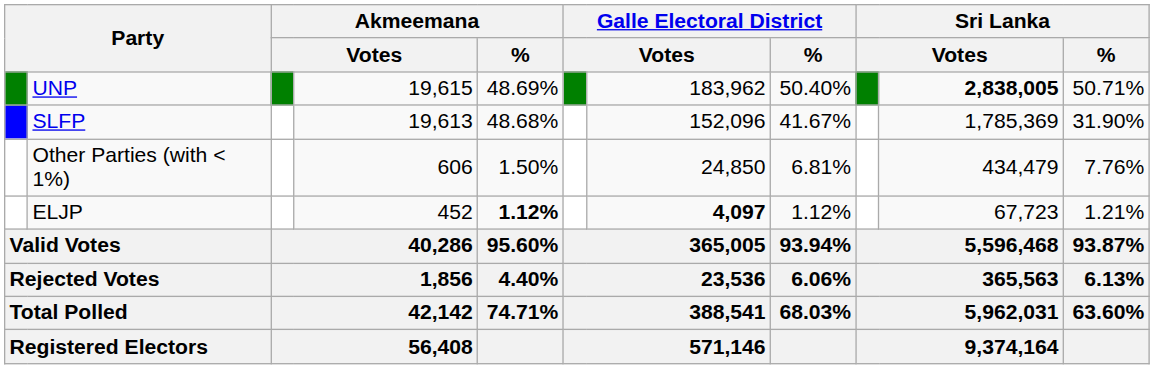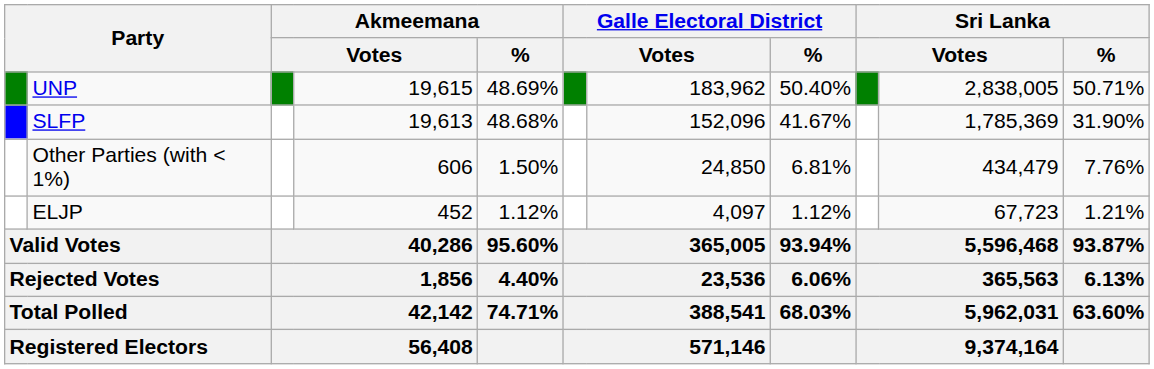 <table class="wikitable">
 <tr>
 <th colspan="2" width="144px"rowspan="2">Party</th>
 <th colspan="3" width="216px">Akmeemana</th>
 <th colspan="3" width="216px"><a href='#'>Galle Electoral District</a></th>
 <th colspan="3" width="216px">Sri Lanka</th>
 </tr>
 <tr>
 <th colspan="2" width="144px">Votes</th>
 <th>%</th>
 <th colspan="2" width="144px">Votes</th>
 <th>%</th>
 <th colspan="2" width="144px">Votes</th>
 <th>%</th>
 </tr>
 <tr>
 <td style="background-color:green;" width="10px"></td>
 <td style="text-align:left;"><a href='#'>UNP</a></td>
 <td style="background-color:green;" width="10px"></td>
 <td style="text-align:right;">19,615</td>
 <td style="text-align:right;">48.69%</td>
 <td style="background-color:green;" width="10px"></td>
 <td style="text-align:right;">183,962</td>
 <td style="text-align:right;">50.40%</td>
 <td style="background-color:green;" width="10px"></td>
-<td style="text-align:right;"><strong>2,838,005</strong></td>
+<td style="text-align:right;">2,838,005</td>
 <td style="text-align:right;">50.71%</td>
 </tr>
 <tr>
 <td style="background-color:blue;" width="10px"></td>
 <td style="text-align:left;"><a href='#'>SLFP</a></td>
 <td style="background-color:white;" width="10px"></td>
 <td style="text-align:right;">19,613</td>
 <td style="text-align:right;">48.68%</td>
 <td style="background-color:white;" width="10px"></td>
 <td style="text-align:right;">152,096</td>
 <td style="text-align:right;">41.67%</td>
 <td style="background-color:white;" width="10px"></td>
 <td style="text-align:right;">1,785,369</td>
 <td style="text-align:right;">31.90%</td>
 </tr>
 <tr>
 <td style="background-color:white;" width="10px"></td>
 <td style="text-align:left;">Other Parties (with < 1%)</td>
 <td style="background-color:white;" width="10px"></td>
 <td style="text-align:right;">606</td>
 <td style="text-align:right;">1.50%</td>
 <td style="background-color:white;" width="10px"></td>
 <td style="text-align:right;">24,850</td>
 <td style="text-align:right;">6.81%</td>
 <td style="background-color:white;" width="10px"></td>
 <td style="text-align:right;">434,479</td>
 <td style="text-align:right;">7.76%</td>
 </tr>
 <tr>
 <td style="background-color:white;" width="10px"></td>
 <td style="text-align:left;">ELJP</td>
 <td style="background-color:white;" width="10px"></td>
 <td style="text-align:right;">452</td>
-<td style="text-align:right;"><strong>1.12%</strong></td>
+<td style="text-align:right;">1.12%</td>
 <td style="background-color:white;" width="10px"></td>
-<td style="text-align:right;"><strong>4,097</strong></td>
+<td style="text-align:right;">4,097</td>
 <td style="text-align:right;">1.12%</td>
 <td style="background-color:white;" width="10px"></td>
 <td style="text-align:right;">67,723</td>
 <td style="text-align:right;">1.21%</td>
 </tr>
 <tr>
 <th colspan="2" width="144px"style="text-align:left;">Valid Votes</th>
 <th style="text-align:right;"colspan="2" width="144px">40,286</th>
 <th style="text-align:right;">95.60%</th>
 <th style="text-align:right;"colspan="2" width="144px">365,005</th>
 <th style="text-align:right;">93.94%</th>
 <th style="text-align:right;"colspan="2" width="144px">5,596,468</th>
 <th style="text-align:right;">93.87%</th>
 </tr>
 <tr>
 <th colspan="2" width="144px"style="text-align:left;">Rejected Votes</th>
 <th style="text-align:right;"colspan="2" width="144px">1,856</th>
 <th style="text-align:right;">4.40%</th>
 <th style="text-align:right;"colspan="2" width="144px">23,536</th>
 <th style="text-align:right;">6.06%</th>
 <th style="text-align:right;"colspan="2" width="144px">365,563</th>
 <th style="text-align:right;">6.13%</th>
 </tr>
 <tr>
 <th colspan="2" width="144px"style="text-align:left;">Total Polled</th>
 <th style="text-align:right;"colspan="2" width="144px">42,142</th>
 <th style="text-align:right;">74.71%</th>
 <th style="text-align:right;"colspan="2" width="144px">388,541</th>
 <th style="text-align:right;">68.03%</th>
 <th style="text-align:right;"colspan="2" width="144px">5,962,031</th>
 <th style="text-align:right;">63.60%</th>
 </tr>
 <tr>
 <th colspan="2" width="144px"style="text-align:left;">Registered Electors</th>
 <th style="text-align:right;"colspan="2" width="144px">56,408</th>
 <th></th>
 <th style="text-align:right;"colspan="2" width="144px">571,146</th>
 <th></th>
 <th style="text-align:right;"colspan="2" width="144px">9,374,164</th>
 <th></th>
 </tr>
 </table>
